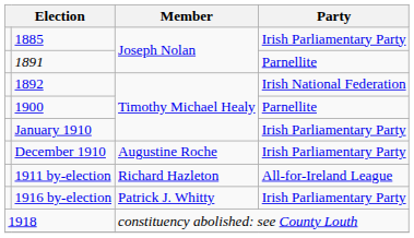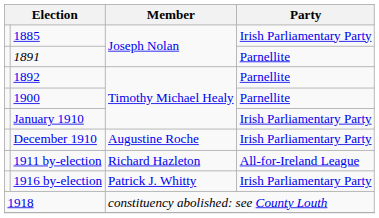 <table class="wikitable">
 <tr>
 <th colspan="2">Election</th>
 <th>Member</th>
 <th>Party</th>
 </tr>
 <tr>
 <td style="color:inherit;background-color: "></td>
 <td><a href='#'>1885</a></td>
 <td rowspan="2"><a href='#'>Joseph Nolan</a></td>
 <td><a href='#'>Irish Parliamentary Party</a></td>
 </tr>
 <tr>
 <td style="color:inherit;background-color: "></td>
 <td><em>1891</em></td>
 <td><a href='#'>Parnellite</a></td>
 </tr>
 <tr>
 <td style="color:inherit;background-color: "></td>
 <td><a href='#'>1892</a></td>
 <td rowspan="3"><a href='#'>Timothy Michael Healy</a></td>
-<td><a href='#'>Irish National Federation</a></td>
+<td><a href='#'>Parnellite</a></td>
 </tr>
 <tr>
 <td style="color:inherit;background-color: "></td>
 <td><a href='#'>1900</a></td>
 <td><a href='#'>Parnellite</a></td>
 </tr>
 <tr>
 <td style="color:inherit;background-color: "></td>
 <td><a href='#'>January 1910</a></td>
 <td><a href='#'>Irish Parliamentary Party</a></td>
 </tr>
 <tr>
 <td style="color:inherit;background-color: "></td>
 <td><a href='#'>December 1910</a></td>
 <td><a href='#'>Augustine Roche</a></td>
 <td><a href='#'>Irish Parliamentary Party</a></td>
 </tr>
 <tr>
 <td style="color:inherit;background-color: "></td>
 <td><a href='#'>1911 by-election</a></td>
 <td><a href='#'>Richard Hazleton</a></td>
 <td><a href='#'>All-for-Ireland League</a></td>
 </tr>
 <tr>
 <td style="color:inherit;background-color: "></td>
 <td><a href='#'>1916 by-election</a></td>
 <td><a href='#'>Patrick J. Whitty</a></td>
 <td><a href='#'>Irish Parliamentary Party</a></td>
 </tr>
 <tr>
 <td colspan="2"><a href='#'>1918</a></td>
 <td colspan="2"><em>constituency abolished: see <a href='#'>County Louth</a></em></td>
 </tr>
 <tr>
 </tr>
 </table>
